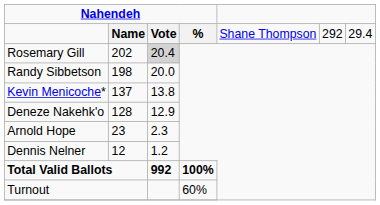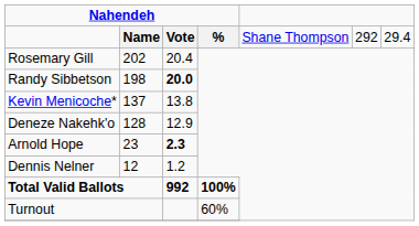 <table class="wikitable">
 <tr>
 <td colspan=4 align=center><strong><a href='#'>Nahendeh</a></strong></td>
 </tr>
 <tr>
 <td></td>
 <th><strong>Name </strong></th>
 <th><strong>Vote</strong></th>
 <th><strong>%</strong><br></th>
 <td><a href='#'>Shane Thompson</a></td>
 <td>292</td>
 <td>29.4</td>
 </tr>
 <tr>
 <td>Rosemary Gill</td>
 <td>202</td>
-<td style="background: lightgrey;">20.4</td>
+<td>20.4</td>
 </tr>
 <tr>
 <td>Randy Sibbetson</td>
 <td>198</td>
-<td>20.0</td>
+<td><strong>20.0</strong></td>
 </tr>
 <tr>
 <td><a href='#'>Kevin Menicoche</a>*</td>
 <td>137</td>
 <td>13.8</td>
 </tr>
 <tr>
 <td>Deneze Nakehk'o</td>
 <td>128</td>
 <td>12.9</td>
 </tr>
 <tr>
 <td>Arnold Hope</td>
 <td>23</td>
-<td>2.3</td>
+<td><strong>2.3</strong></td>
 </tr>
 <tr>
 <td>Dennis Nelner</td>
 <td>12</td>
 <td>1.2</td>
 </tr>
 <tr>
 <td colspan=2><strong>Total Valid Ballots</strong></td>
 <td><strong>992</strong></td>
 <td><strong>100%</strong></td>
 </tr>
 <tr>
 <td colspan=2>Turnout</td>
 <td></td>
 <td>60%</td>
 </tr>
 <tr>
 </tr>
 </table>
